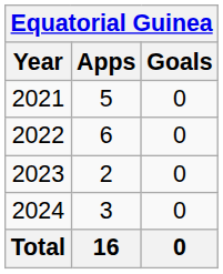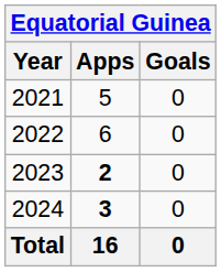 <table class="wikitable" style="text-align:center">
 <tr>
 <th colspan=3><a href='#'>Equatorial Guinea</a></th>
 </tr>
 <tr>
 <th>Year</th>
 <th>Apps</th>
 <th>Goals</th>
 </tr>
 <tr>
 <td>2021</td>
 <td>5</td>
 <td>0</td>
 </tr>
 <tr>
 <td>2022</td>
 <td>6</td>
 <td>0</td>
 </tr>
 <tr>
 <td>2023</td>
-<td>2</td>
+<td><strong>2</strong></td>
 <td>0</td>
 </tr>
 <tr>
 <td>2024</td>
-<td>3</td>
+<td><strong>3</strong></td>
 <td>0</td>
 </tr>
 <tr>
 <th>Total</th>
 <th>16</th>
 <th>0</th>
 </tr>
 </table>
